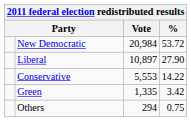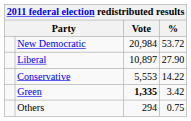 <table class="wikitable">
 <tr>
 <th colspan="4"><a href='#'>2011 federal election</a> redistributed results</th>
 </tr>
 <tr>
 <th bgcolor="#DDDDFF" width="130px" colspan="2">Party</th>
 <th bgcolor="#DDDDFF" width="50px">Vote</th>
 <th bgcolor="#DDDDFF" width="30px">%</th>
 </tr>
 <tr>
 <td> </td>
 <td><a href='#'>New Democratic</a></td>
 <td align=right>20,984</td>
 <td align=right>53.72</td>
 </tr>
 <tr>
 <td> </td>
 <td><a href='#'>Liberal</a></td>
 <td align=right>10,897</td>
 <td align=right>27.90</td>
 </tr>
 <tr>
 <td> </td>
 <td><a href='#'>Conservative</a></td>
 <td align=right>5,553</td>
 <td align=right>14.22</td>
 </tr>
 <tr>
 <td> </td>
 <td><a href='#'>Green</a></td>
-<td align=right>1,335</td>
+<td align=right><strong>1,335</strong></td>
 <td align=right>3.42</td>
 </tr>
 <tr>
 <td> </td>
 <td>Others</td>
 <td align=right>294</td>
 <td align=right>0.75</td>
 </tr>
 </table>
